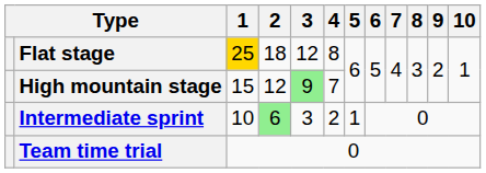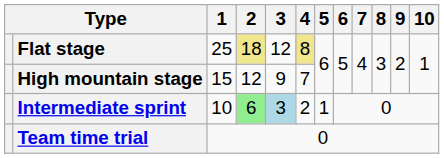 <table class="wikitable plainrowheaders floatleft" style="text-align: center;">
 <tr>
 <th scope="col" colspan="2">Type</th>
 <th scope="col">1</th>
 <th scope="col">2</th>
 <th scope="col">3</th>
 <th scope="col">4</th>
 <th scope="col">5</th>
 <th scope="col">6</th>
 <th scope="col">7</th>
 <th scope="col">8</th>
 <th scope="col">9</th>
 <th scope="col">10</th>
 </tr>
 <tr>
 <th scope="row"></th>
 <th scope="row" style="text-align:left;">Flat stage</th>
-<td style="background: gold;">25</td>
-<td>18</td>
+<td>25</td>
+<td style="background: khaki;">18</td>
 <td>12</td>
-<td>8</td>
+<td style="background: khaki;">8</td>
 <td rowspan="2">6</td>
 <td rowspan="2">5</td>
 <td rowspan="2">4</td>
 <td rowspan="2">3</td>
 <td rowspan="2">2</td>
 <td rowspan="2">1</td>
 </tr>
 <tr>
 <th scope="row"></th>
 <th scope="row" style="text-align:left;">High mountain stage</th>
 <td>15</td>
 <td>12</td>
-<td style="background: lightgreen;">9</td>
+<td>9</td>
 <td>7</td>
 </tr>
 <tr>
 <th scope="row"></th>
 <th scope="row" style="text-align:left;"><a href='#'>Intermediate sprint</a></th>
 <td>10</td>
 <td style="background: lightgreen;">6</td>
-<td>3</td>
+<td style="background: lightblue;">3</td>
 <td>2</td>
 <td>1</td>
 <td colspan="5">0</td>
 </tr>
 <tr>
 <th scope="row"></th>
 <th scope="row" style="text-align:left;"><a href='#'>Team time trial</a></th>
 <td colspan="10">0</td>
 </tr>
 </table>
